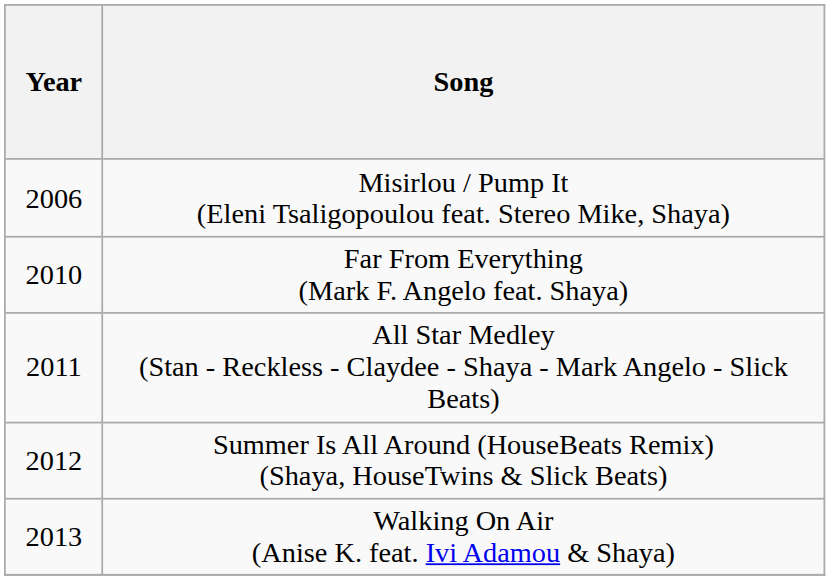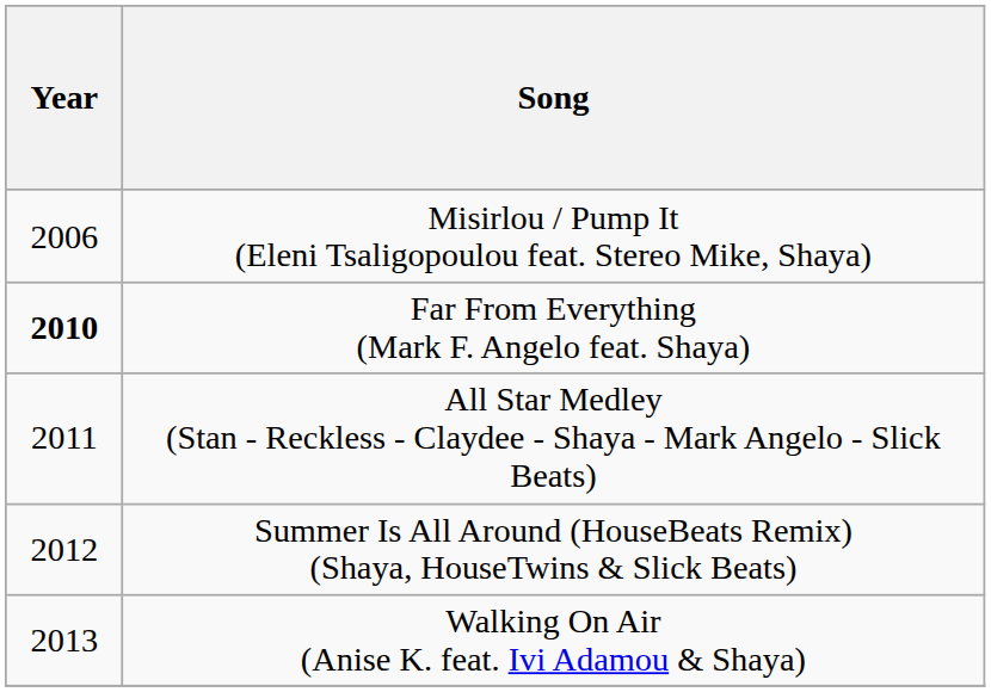 <table class="wikitable plainrowheaders" style="text-align:center;">
 <tr>
 <th scope="col" style="width:3em;">Year</th>
 <th scope="col" style="width:25em;height:5em;">Song</th>
 </tr>
 <tr>
 <td>2006</td>
 <td>Misirlou / Pump It<br><span>(Eleni Tsaligopoulou feat. Stereo Mike, Shaya)</span></td>
 </tr>
 <tr>
-<td>2010</td>
+<td><strong>2010</strong></td>
 <td>Far From Everything<br><span>(Mark F. Angelo feat. Shaya)</span></td>
 </tr>
 <tr>
 <td>2011</td>
 <td>All Star Medley<br><span>(Stan - Reckless - Claydee - Shaya - Mark Angelo - Slick Beats)</span></td>
 </tr>
 <tr>
 <td>2012</td>
 <td>Summer Is All Around (HouseBeats Remix)<br><span>(Shaya, HouseTwins & Slick Beats)</span></td>
 </tr>
 <tr>
 <td>2013</td>
 <td>Walking On Air<br><span>(Anise K. feat. <a href='#'>Ivi Adamou</a> & Shaya)</span></td>
 </tr>
 <tr>
 </tr>
 </table>
